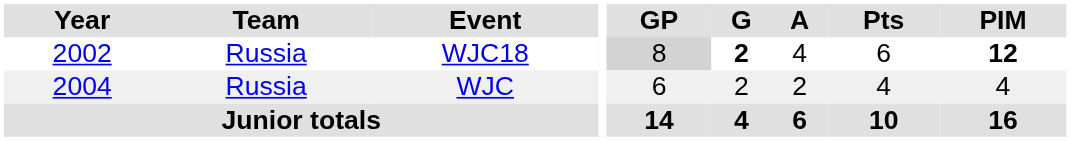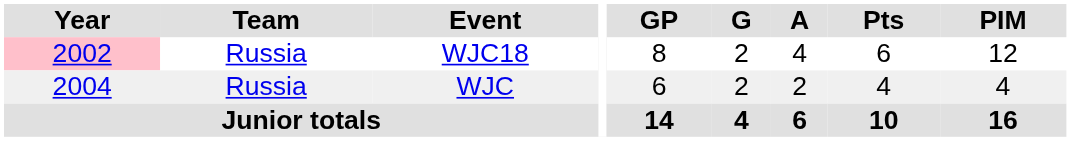 <table border="0" cellpadding="1" cellspacing="0" ID="Table3" style="text-align:center; width:40em">
 <tr ALIGN="center" bgcolor="#e0e0e0">
 <th>Year</th>
 <th>Team</th>
 <th>Event</th>
 <th rowspan="99" bgcolor="#ffffff"></th>
 <th>GP</th>
 <th>G</th>
 <th>A</th>
 <th>Pts</th>
 <th>PIM</th>
 </tr>
 <tr>
-<td><a href='#'>2002</a></td>
+<td style="background: pink;"><a href='#'>2002</a></td>
 <td><a href='#'>Russia</a></td>
 <td><a href='#'>WJC18</a></td>
-<td style="background: lightgrey;">8</td>
-<td><strong>2</strong></td>
+<td>8</td>
+<td>2</td>
 <td>4</td>
 <td>6</td>
-<td><strong>12</strong></td>
+<td>12</td>
 </tr>
 <tr bgcolor="#f0f0f0">
 <td><a href='#'>2004</a></td>
 <td><a href='#'>Russia</a></td>
 <td><a href='#'>WJC</a></td>
 <td>6</td>
 <td>2</td>
 <td>2</td>
 <td>4</td>
 <td>4</td>
 </tr>
 <tr bgcolor="#e0e0e0">
 <th colspan="3">Junior totals</th>
 <th>14</th>
 <th>4</th>
 <th>6</th>
 <th>10</th>
 <th>16</th>
 </tr>
 </table>
